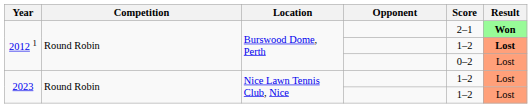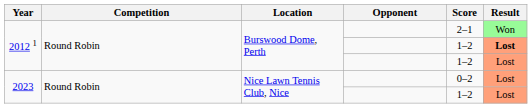 <table class="wikitable">
 <tr>
 <th width="50">Year</th>
 <th width="300">Competition</th>
 <th width="150">Location</th>
 <th width="150">Opponent</th>
 <th width="50">Score</th>
 <th width="60">Result</th>
 </tr>
 <tr>
 <td align="center" rowspan="3"><a href='#'>2012</a> <sup>1</sup></td>
 <td rowspan=3>Round Robin</td>
 <td rowspan=3><a href='#'>Burswood Dome</a>, <a href='#'>Perth</a></td>
 <td></td>
 <td align="center">2–1</td>
-<td align="center" bgcolor="#98FB98"><strong>Won</strong></td>
+<td align="center" bgcolor="#98FB98">Won</td>
 </tr>
 <tr>
 <td></td>
 <td align="center">1–2</td>
 <td align="center" bgcolor="FFA07A"><strong>Lost</strong></td>
 </tr>
 <tr>
 <td></td>
-<td align="center">0–2</td>
+<td align="center">1–2</td>
 <td align="center" bgcolor="FFA07A">Lost</td>
 </tr>
 <tr>
 <td align="center" rowspan="3"><a href='#'>2023</a></td>
 <td rowspan=2>Round Robin</td>
 <td rowspan=2><a href='#'>Nice Lawn Tennis Club</a>, <a href='#'>Nice</a></td>
 <td></td>
-<td align="center">1–2</td>
+<td align="center">0–2</td>
 <td align="center" bgcolor="FFA07A">Lost</td>
 </tr>
 <tr>
 <td></td>
 <td align="center">1–2</td>
 <td align="center" bgcolor="FFA07A">Lost</td>
 </tr>
 </table>
